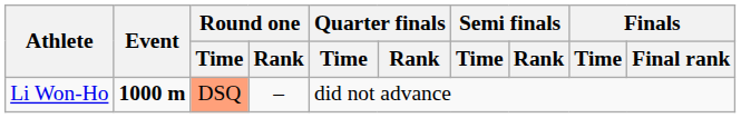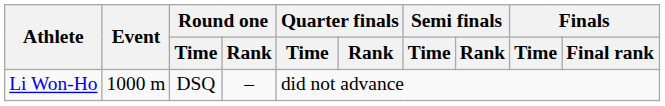 <table class="wikitable" style="font-size:90%">
 <tr>
 <th rowspan="2">Athlete</th>
 <th rowspan="2">Event</th>
 <th colspan="2">Round one</th>
 <th colspan="2">Quarter finals</th>
 <th colspan="2">Semi finals</th>
 <th colspan="2">Finals</th>
 </tr>
 <tr>
 <th>Time</th>
 <th>Rank</th>
 <th>Time</th>
 <th>Rank</th>
 <th>Time</th>
 <th>Rank</th>
 <th>Time</th>
 <th>Final rank</th>
 </tr>
 <tr>
 <td><a href='#'>Li Won-Ho</a></td>
-<td><strong>1000 m</strong></td>
-<td align="center" style="background: lightsalmon;">DSQ</td>
+<td>1000 m</td>
+<td align="center">DSQ</td>
 <td align="center">–</td>
 <td colspan="6">did not advance</td>
 </tr>
 </table>
